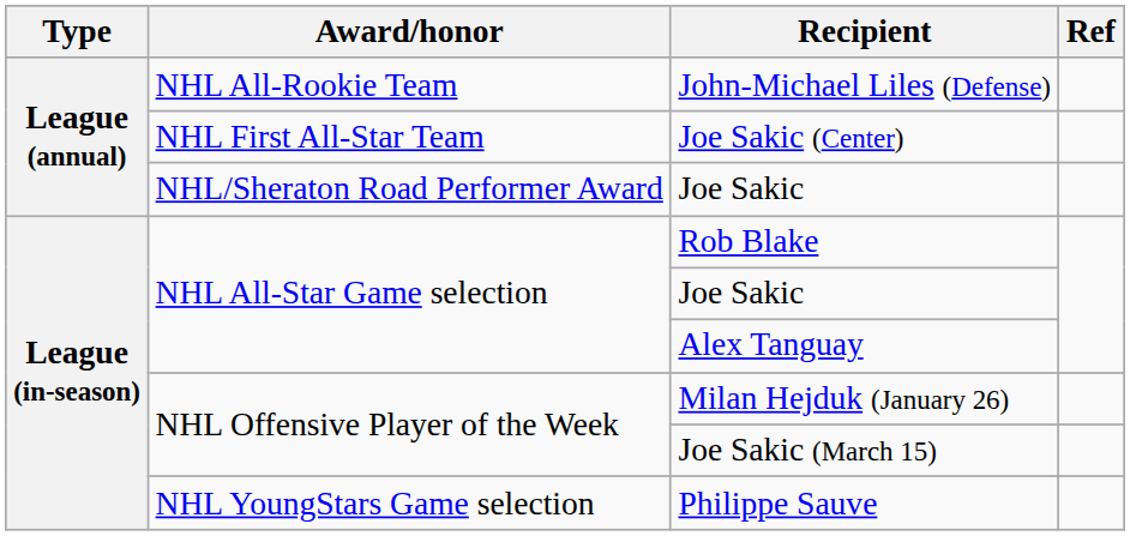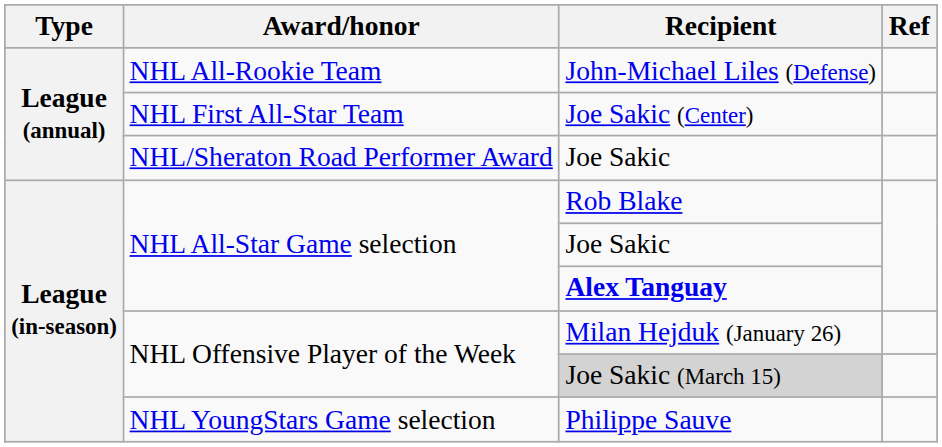 <table class="wikitable">
 <tr>
 <th scope="col">Type</th>
 <th scope="col">Award/honor</th>
 <th scope="col">Recipient</th>
 <th scope="col">Ref</th>
 </tr>
 <tr>
 <th scope="row" rowspan="3">League<br><small>(annual)</small></th>
 <td><a href='#'>NHL All-Rookie Team</a></td>
 <td><a href='#'>John-Michael Liles</a> <small>(<a href='#'>Defense</a>)</small></td>
 <td></td>
 </tr>
 <tr>
 <td><a href='#'>NHL First All-Star Team</a></td>
 <td><a href='#'>Joe Sakic</a> <small>(<a href='#'>Center</a>)</small></td>
 <td></td>
 </tr>
 <tr>
 <td><a href='#'>NHL/Sheraton Road Performer Award</a></td>
 <td>Joe Sakic</td>
 <td></td>
 </tr>
 <tr>
 <th scope="row" rowspan="6">League<br><small>(in-season)</small></th>
 <td rowspan="3"><a href='#'>NHL All-Star Game</a> selection</td>
 <td><a href='#'>Rob Blake</a></td>
 <td rowspan="3"></td>
 </tr>
 <tr>
 <td>Joe Sakic</td>
 </tr>
 <tr>
-<td><a href='#'>Alex Tanguay</a></td>
+<td><strong><a href='#'>Alex Tanguay</a></strong></td>
 </tr>
 <tr>
 <td rowspan="2">NHL Offensive Player of the Week</td>
 <td><a href='#'>Milan Hejduk</a> <small>(January 26)</small></td>
 <td></td>
 </tr>
 <tr>
-<td>Joe Sakic <small>(March 15)</small></td>
+<td style="background: lightgrey;">Joe Sakic <small>(March 15)</small></td>
 <td></td>
 </tr>
 <tr>
 <td><a href='#'>NHL YoungStars Game</a> selection</td>
 <td><a href='#'>Philippe Sauve</a></td>
 <td></td>
 </tr>
 </table>
